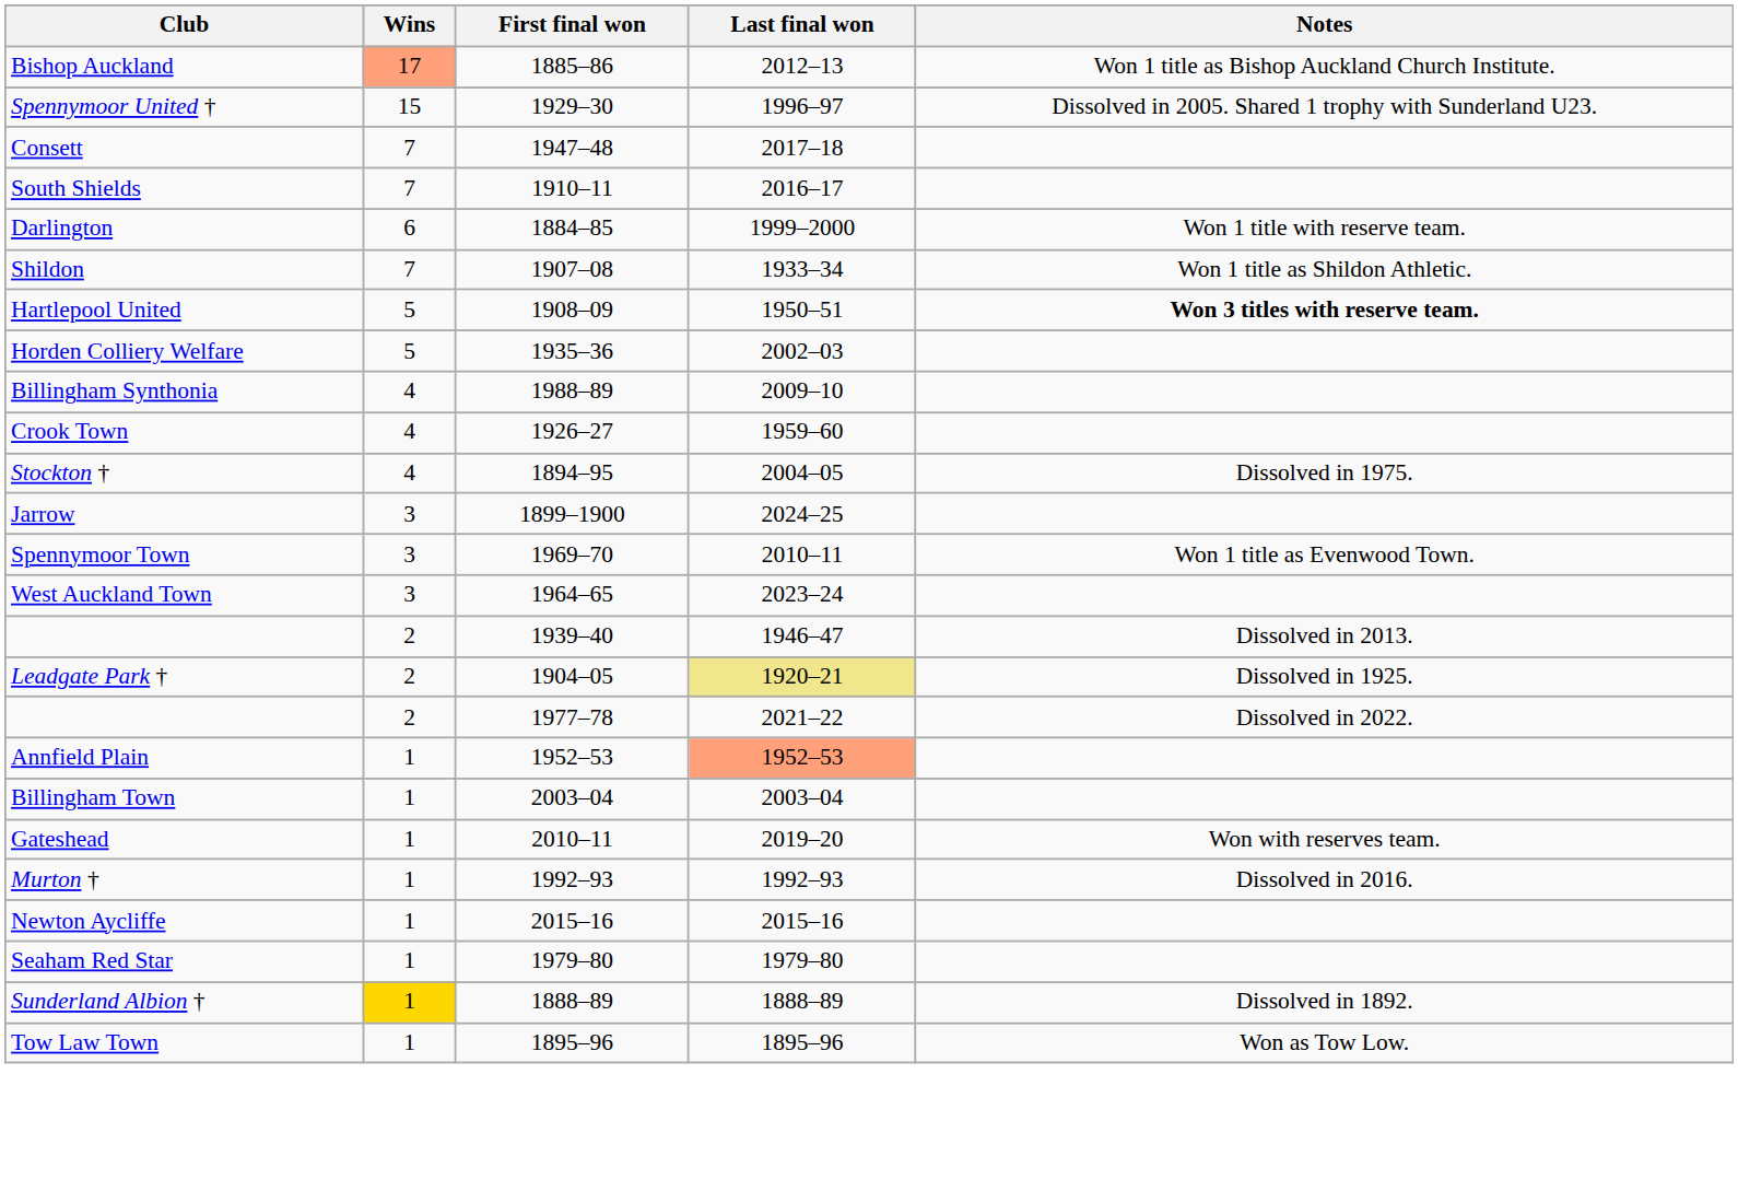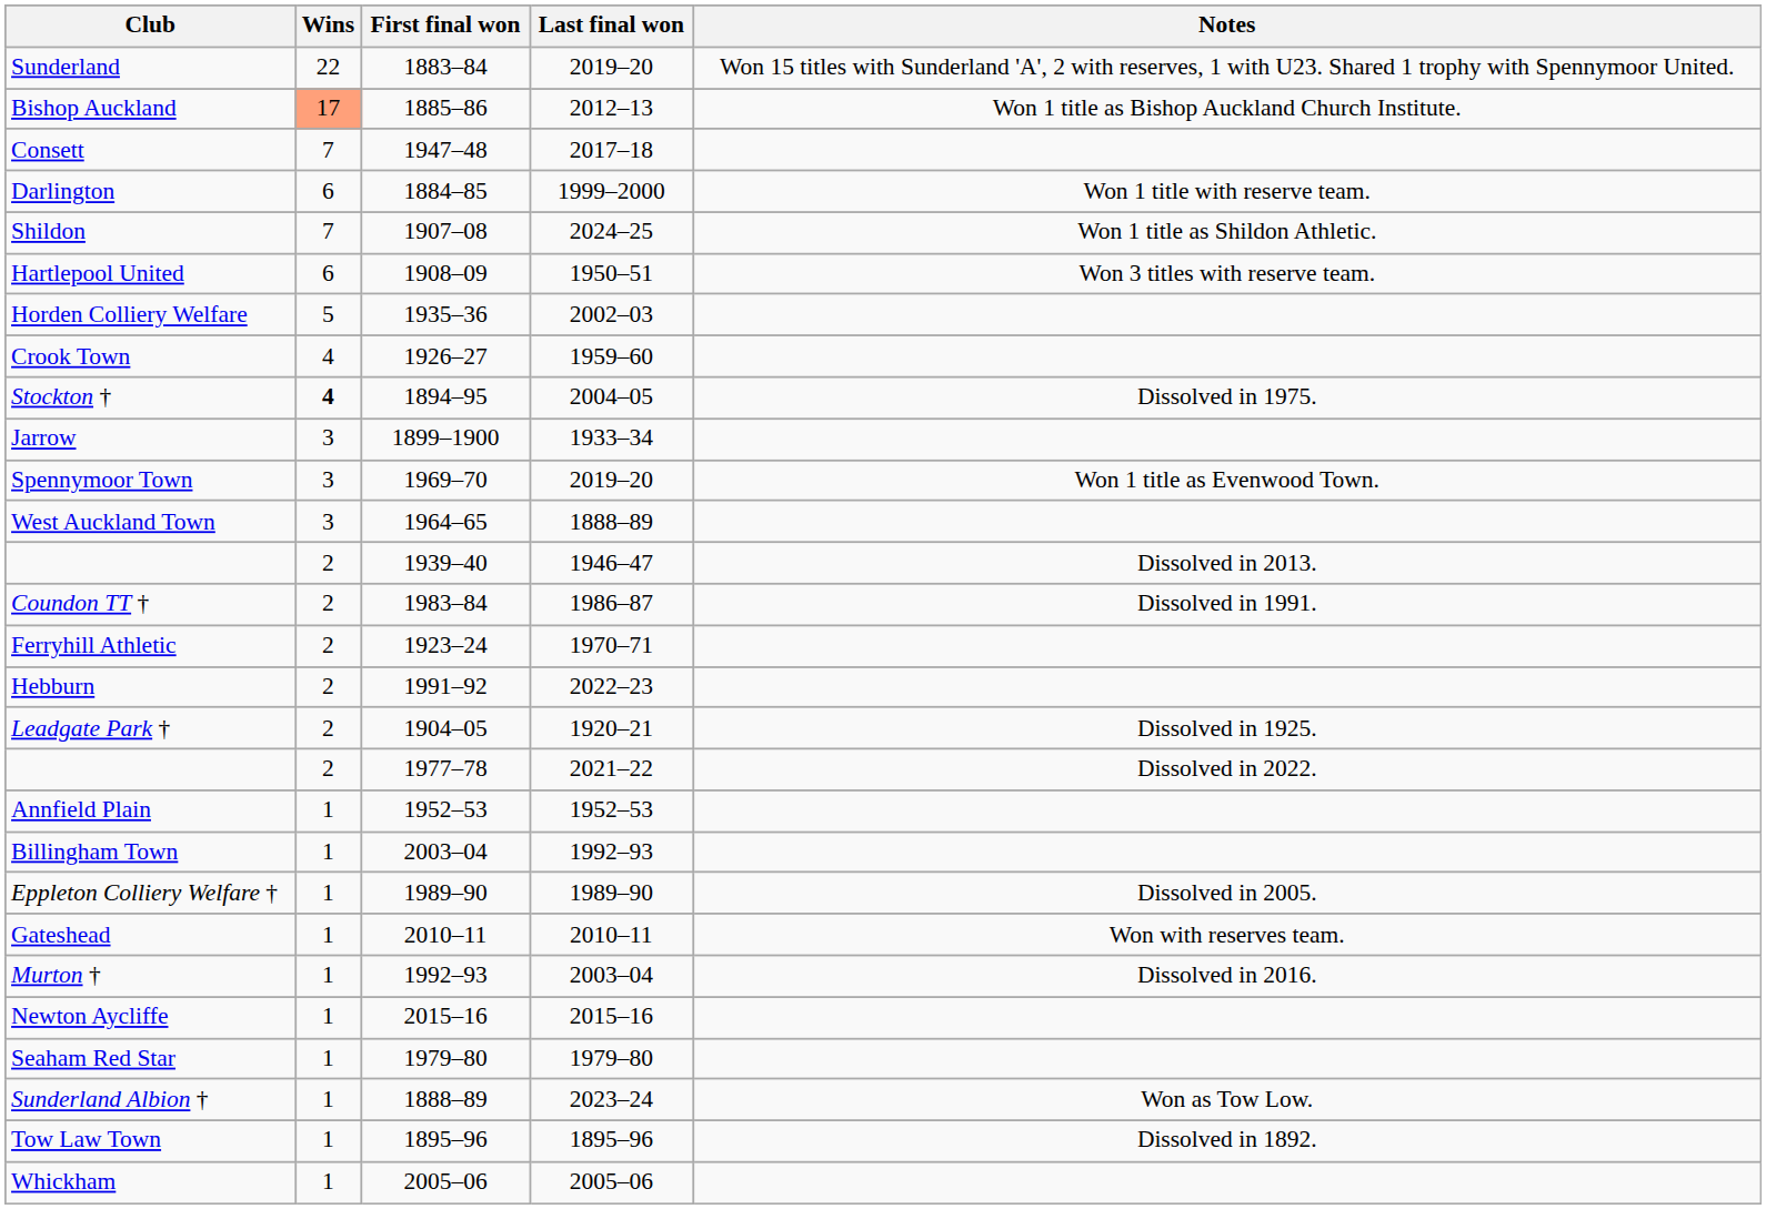 <table class="wikitable sortable" style="text-align: center; width: 100%; font-size: 12px">
 <tr>
 <th>Club</th>
 <th>Wins</th>
 <th>First final won</th>
 <th>Last final won</th>
 <th>Notes</th>
 </tr>
 <tr>
+<td style="text-align: left"><a href='#'>Sunderland</a></td>
+<td>22</td>
+<td>1883–84</td>
+<td>2019–20</td>
+<td>Won 15 titles with Sunderland 'A', 2 with reserves, 1 with U23. Shared 1 trophy with Spennymoor United.</td>
+</tr>
+<tr>
 <td style="text-align: left"><a href='#'>Bishop Auckland</a></td>
 <td style="background: lightsalmon;">17</td>
 <td>1885–86</td>
 <td>2012–13</td>
 <td>Won 1 title as Bishop Auckland Church Institute.</td>
 </tr>
 <tr>
-<td style="text-align: left"><em><a href='#'>Spennymoor United</a></em> †</td>
-<td>15</td>
-<td>1929–30</td>
-<td>1996–97</td>
-<td>Dissolved in 2005. Shared 1 trophy with Sunderland U23.</td>
-</tr>
-<tr>
 <td style="text-align: left"><a href='#'>Consett</a></td>
 <td>7</td>
 <td>1947–48</td>
 <td>2017–18</td>
-<td></td>
-</tr>
-<tr>
-<td style="text-align: left"><a href='#'>South Shields</a></td>
-<td>7</td>
-<td>1910–11</td>
-<td>2016–17</td>
 <td></td>
 </tr>
 <tr>
 <td style="text-align: left"><a href='#'>Darlington</a></td>
 <td>6</td>
 <td>1884–85</td>
 <td>1999–2000</td>
 <td>Won 1 title with reserve team.</td>
 </tr>
 <tr>
 <td style="text-align: left"><a href='#'>Shildon</a></td>
 <td>7</td>
 <td>1907–08</td>
-<td>1933–34</td>
+<td>2024–25</td>
 <td>Won 1 title as Shildon Athletic.</td>
 </tr>
 <tr>
 <td style="text-align: left"><a href='#'>Hartlepool United</a></td>
-<td>5</td>
+<td>6</td>
 <td>1908–09</td>
 <td>1950–51</td>
-<td><strong>Won 3 titles with reserve team.</strong></td>
+<td>Won 3 titles with reserve team.</td>
 </tr>
 <tr>
 <td style="text-align: left"><a href='#'>Horden Colliery Welfare</a></td>
 <td>5</td>
 <td>1935–36</td>
 <td>2002–03</td>
-<td></td>
-</tr>
-<tr>
-<td style="text-align: left"><a href='#'>Billingham Synthonia</a></td>
-<td>4</td>
-<td>1988–89</td>
-<td>2009–10</td>
 <td></td>
 </tr>
 <tr>
 <td style="text-align: left"><a href='#'>Crook Town</a></td>
 <td>4</td>
 <td>1926–27</td>
 <td>1959–60</td>
 <td></td>
 </tr>
 <tr>
 <td style="text-align: left"><em><a href='#'>Stockton</a></em> †</td>
-<td>4</td>
+<td><strong>4</strong></td>
 <td>1894–95</td>
 <td>2004–05</td>
 <td>Dissolved in 1975.</td>
 </tr>
 <tr>
 <td style="text-align: left"><a href='#'>Jarrow</a></td>
 <td>3</td>
 <td>1899–1900</td>
-<td>2024–25</td>
+<td>1933–34</td>
 <td></td>
 </tr>
 <tr>
 <td style="text-align: left"><a href='#'>Spennymoor Town</a></td>
 <td>3</td>
 <td>1969–70</td>
-<td>2010–11</td>
+<td>2019–20</td>
 <td>Won 1 title as Evenwood Town.</td>
 </tr>
 <tr>
 <td style="text-align: left"><a href='#'>West Auckland Town</a></td>
 <td>3</td>
 <td>1964–65</td>
-<td>2023–24</td>
+<td>1888–89</td>
 <td></td>
 </tr>
 <tr>
 <td style="text-align: left"></td>
 <td>2</td>
 <td>1939–40</td>
 <td>1946–47</td>
 <td>Dissolved in 2013.</td>
 </tr>
 <tr>
+<td style="text-align: left"><em><a href='#'>Coundon TT</a></em> †</td>
+<td>2</td>
+<td>1983–84</td>
+<td>1986–87</td>
+<td>Dissolved in 1991.</td>
+</tr>
+<tr>
+<td style="text-align: left"><a href='#'>Ferryhill Athletic</a></td>
+<td>2</td>
+<td>1923–24</td>
+<td>1970–71</td>
+<td></td>
+</tr>
+<tr>
+<td style="text-align: left"><a href='#'>Hebburn</a></td>
+<td>2</td>
+<td>1991–92</td>
+<td>2022–23</td>
+<td></td>
+</tr>
+<tr>
 <td style="text-align: left"><em><a href='#'>Leadgate Park</a></em> †</td>
 <td>2</td>
 <td>1904–05</td>
-<td style="background: khaki;">1920–21</td>
+<td>1920–21</td>
 <td>Dissolved in 1925.</td>
 </tr>
 <tr>
 <td style="text-align: left"></td>
 <td>2</td>
 <td>1977–78</td>
 <td>2021–22</td>
 <td>Dissolved in 2022.</td>
 </tr>
 <tr>
 <td style="text-align: left"><a href='#'>Annfield Plain</a></td>
 <td>1</td>
 <td>1952–53</td>
-<td style="background: lightsalmon;">1952–53</td>
+<td>1952–53</td>
 <td></td>
 </tr>
 <tr>
 <td style="text-align: left"><a href='#'>Billingham Town</a></td>
 <td>1</td>
 <td>2003–04</td>
-<td>2003–04</td>
+<td>1992–93</td>
 <td></td>
+</tr>
+<tr>
+<td style="text-align: left"><em>Eppleton Colliery Welfare</em> †</td>
+<td>1</td>
+<td>1989–90</td>
+<td>1989–90</td>
+<td>Dissolved in 2005.</td>
 </tr>
 <tr>
 <td style="text-align: left"><a href='#'>Gateshead</a></td>
 <td>1</td>
 <td>2010–11</td>
-<td>2019–20</td>
+<td>2010–11</td>
 <td>Won with reserves team.</td>
 </tr>
 <tr>
 <td style="text-align: left"><em><a href='#'>Murton</a></em> †</td>
 <td>1</td>
 <td>1992–93</td>
-<td>1992–93</td>
+<td>2003–04</td>
 <td>Dissolved in 2016.</td>
 </tr>
 <tr>
 <td style="text-align: left"><a href='#'>Newton Aycliffe</a></td>
 <td>1</td>
 <td>2015–16</td>
 <td>2015–16</td>
 <td></td>
 </tr>
 <tr>
 <td style="text-align: left"><a href='#'>Seaham Red Star</a></td>
 <td>1</td>
 <td>1979–80</td>
 <td>1979–80</td>
 <td></td>
 </tr>
 <tr>
 <td style="text-align: left"><em><a href='#'>Sunderland Albion</a></em> †</td>
-<td style="background: gold;">1</td>
+<td>1</td>
 <td>1888–89</td>
-<td>1888–89</td>
-<td>Dissolved in 1892.</td>
+<td>2023–24</td>
+<td>Won as Tow Low.</td>
 </tr>
 <tr>
 <td style="text-align: left"><a href='#'>Tow Law Town</a></td>
 <td>1</td>
 <td>1895–96</td>
 <td>1895–96</td>
-<td>Won as Tow Low.</td>
+<td>Dissolved in 1892.</td>
+</tr>
+<tr>
+<td style="text-align: left"><a href='#'>Whickham</a></td>
+<td>1</td>
+<td>2005–06</td>
+<td>2005–06</td>
+<td></td>
 </tr>
 </table>
